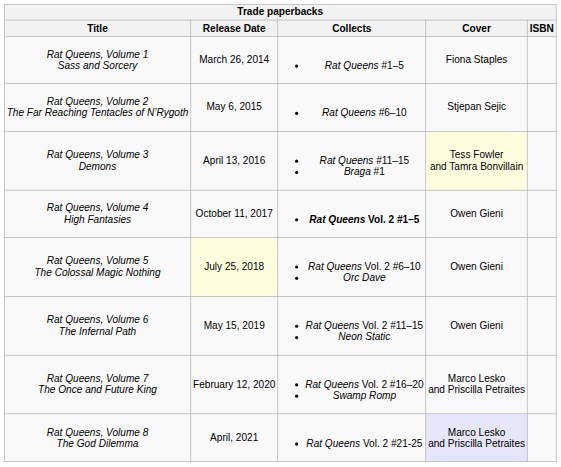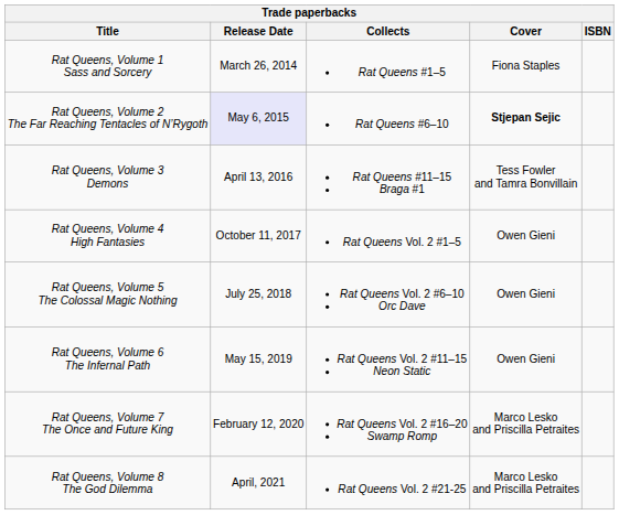 <table class="wikitable" style="text-align: center">
 <tr>
 <th colspan=5>Trade paperbacks</th>
 </tr>
 <tr>
 <th>Title</th>
 <th>Release Date</th>
 <th>Collects</th>
 <th>Cover</th>
 <th>ISBN</th>
 </tr>
 <tr>
 <td><em>Rat Queens, Volume 1<br>Sass and Sorcery</em></td>
 <td>March 26, 2014</td>
 <td><br><ul><li><em>Rat Queens</em> #1–5</li></ul></td>
 <td>Fiona Staples</td>
 <td></td>
 </tr>
 <tr>
 <td><em>Rat Queens, Volume 2<br>The Far Reaching Tentacles of N’Rygoth</em></td>
-<td>May 6, 2015</td>
+<td style="background: lavender;">May 6, 2015</td>
 <td><br><ul><li><em>Rat Queens</em> #6–10</li></ul></td>
-<td>Stjepan Sejic</td>
+<td><strong>Stjepan Sejic</strong></td>
 <td></td>
 </tr>
 <tr>
 <td><em>Rat Queens, Volume 3<br>Demons</em></td>
 <td>April 13, 2016</td>
 <td><br><ul><li><em>Rat Queens</em> #11–15</li><li><em>Braga</em> #1</li></ul></td>
-<td style="background: lightyellow;">Tess Fowler<br>and Tamra Bonvillain</td>
+<td>Tess Fowler<br>and Tamra Bonvillain</td>
 <td></td>
 </tr>
 <tr>
 <td><em>Rat Queens, Volume 4<br>High Fantasies</em></td>
 <td>October 11, 2017</td>
-<td><strong><br><ul><li><em>Rat Queens</em> Vol. 2 #1–5</li></ul></strong></td>
+<td><br><ul><li><em>Rat Queens</em> Vol. 2 #1–5</li></ul></td>
 <td>Owen Gieni</td>
 <td></td>
 </tr>
 <tr>
 <td><em>Rat Queens, Volume 5<br>The Colossal Magic Nothing</em></td>
-<td style="background: lightyellow;">July 25, 2018</td>
+<td>July 25, 2018</td>
 <td><br><ul><li><em>Rat Queens</em> Vol. 2 #6–10</li><li><em>Orc Dave</em></li></ul></td>
 <td>Owen Gieni</td>
 <td></td>
 </tr>
 <tr>
 <td><em>Rat Queens, Volume 6<br>The Infernal Path</em></td>
 <td>May 15, 2019</td>
 <td><br><ul><li><em>Rat Queens</em> Vol. 2 #11–15</li><li><em>Neon Static</em></li></ul></td>
 <td>Owen Gieni</td>
 <td></td>
 </tr>
 <tr>
 <td><em>Rat Queens, Volume 7<br>The Once and Future King</em></td>
 <td>February 12, 2020</td>
 <td><br><ul><li><em>Rat Queens</em> Vol. 2 #16–20</li><li><em>Swamp Romp</em></li></ul></td>
 <td>Marco Lesko<br>and Priscilla Petraites</td>
 <td></td>
 </tr>
 <tr>
 <td><em>Rat Queens, Volume 8<br>The God Dilemma</em></td>
 <td>April, 2021</td>
 <td><br><ul><li><em>Rat Queens</em> Vol. 2 #21-25</li></ul></td>
-<td style="background: lavender;">Marco Lesko<br>and Priscilla Petraites</td>
+<td>Marco Lesko<br>and Priscilla Petraites</td>
 <td></td>
 </tr>
 </table>
